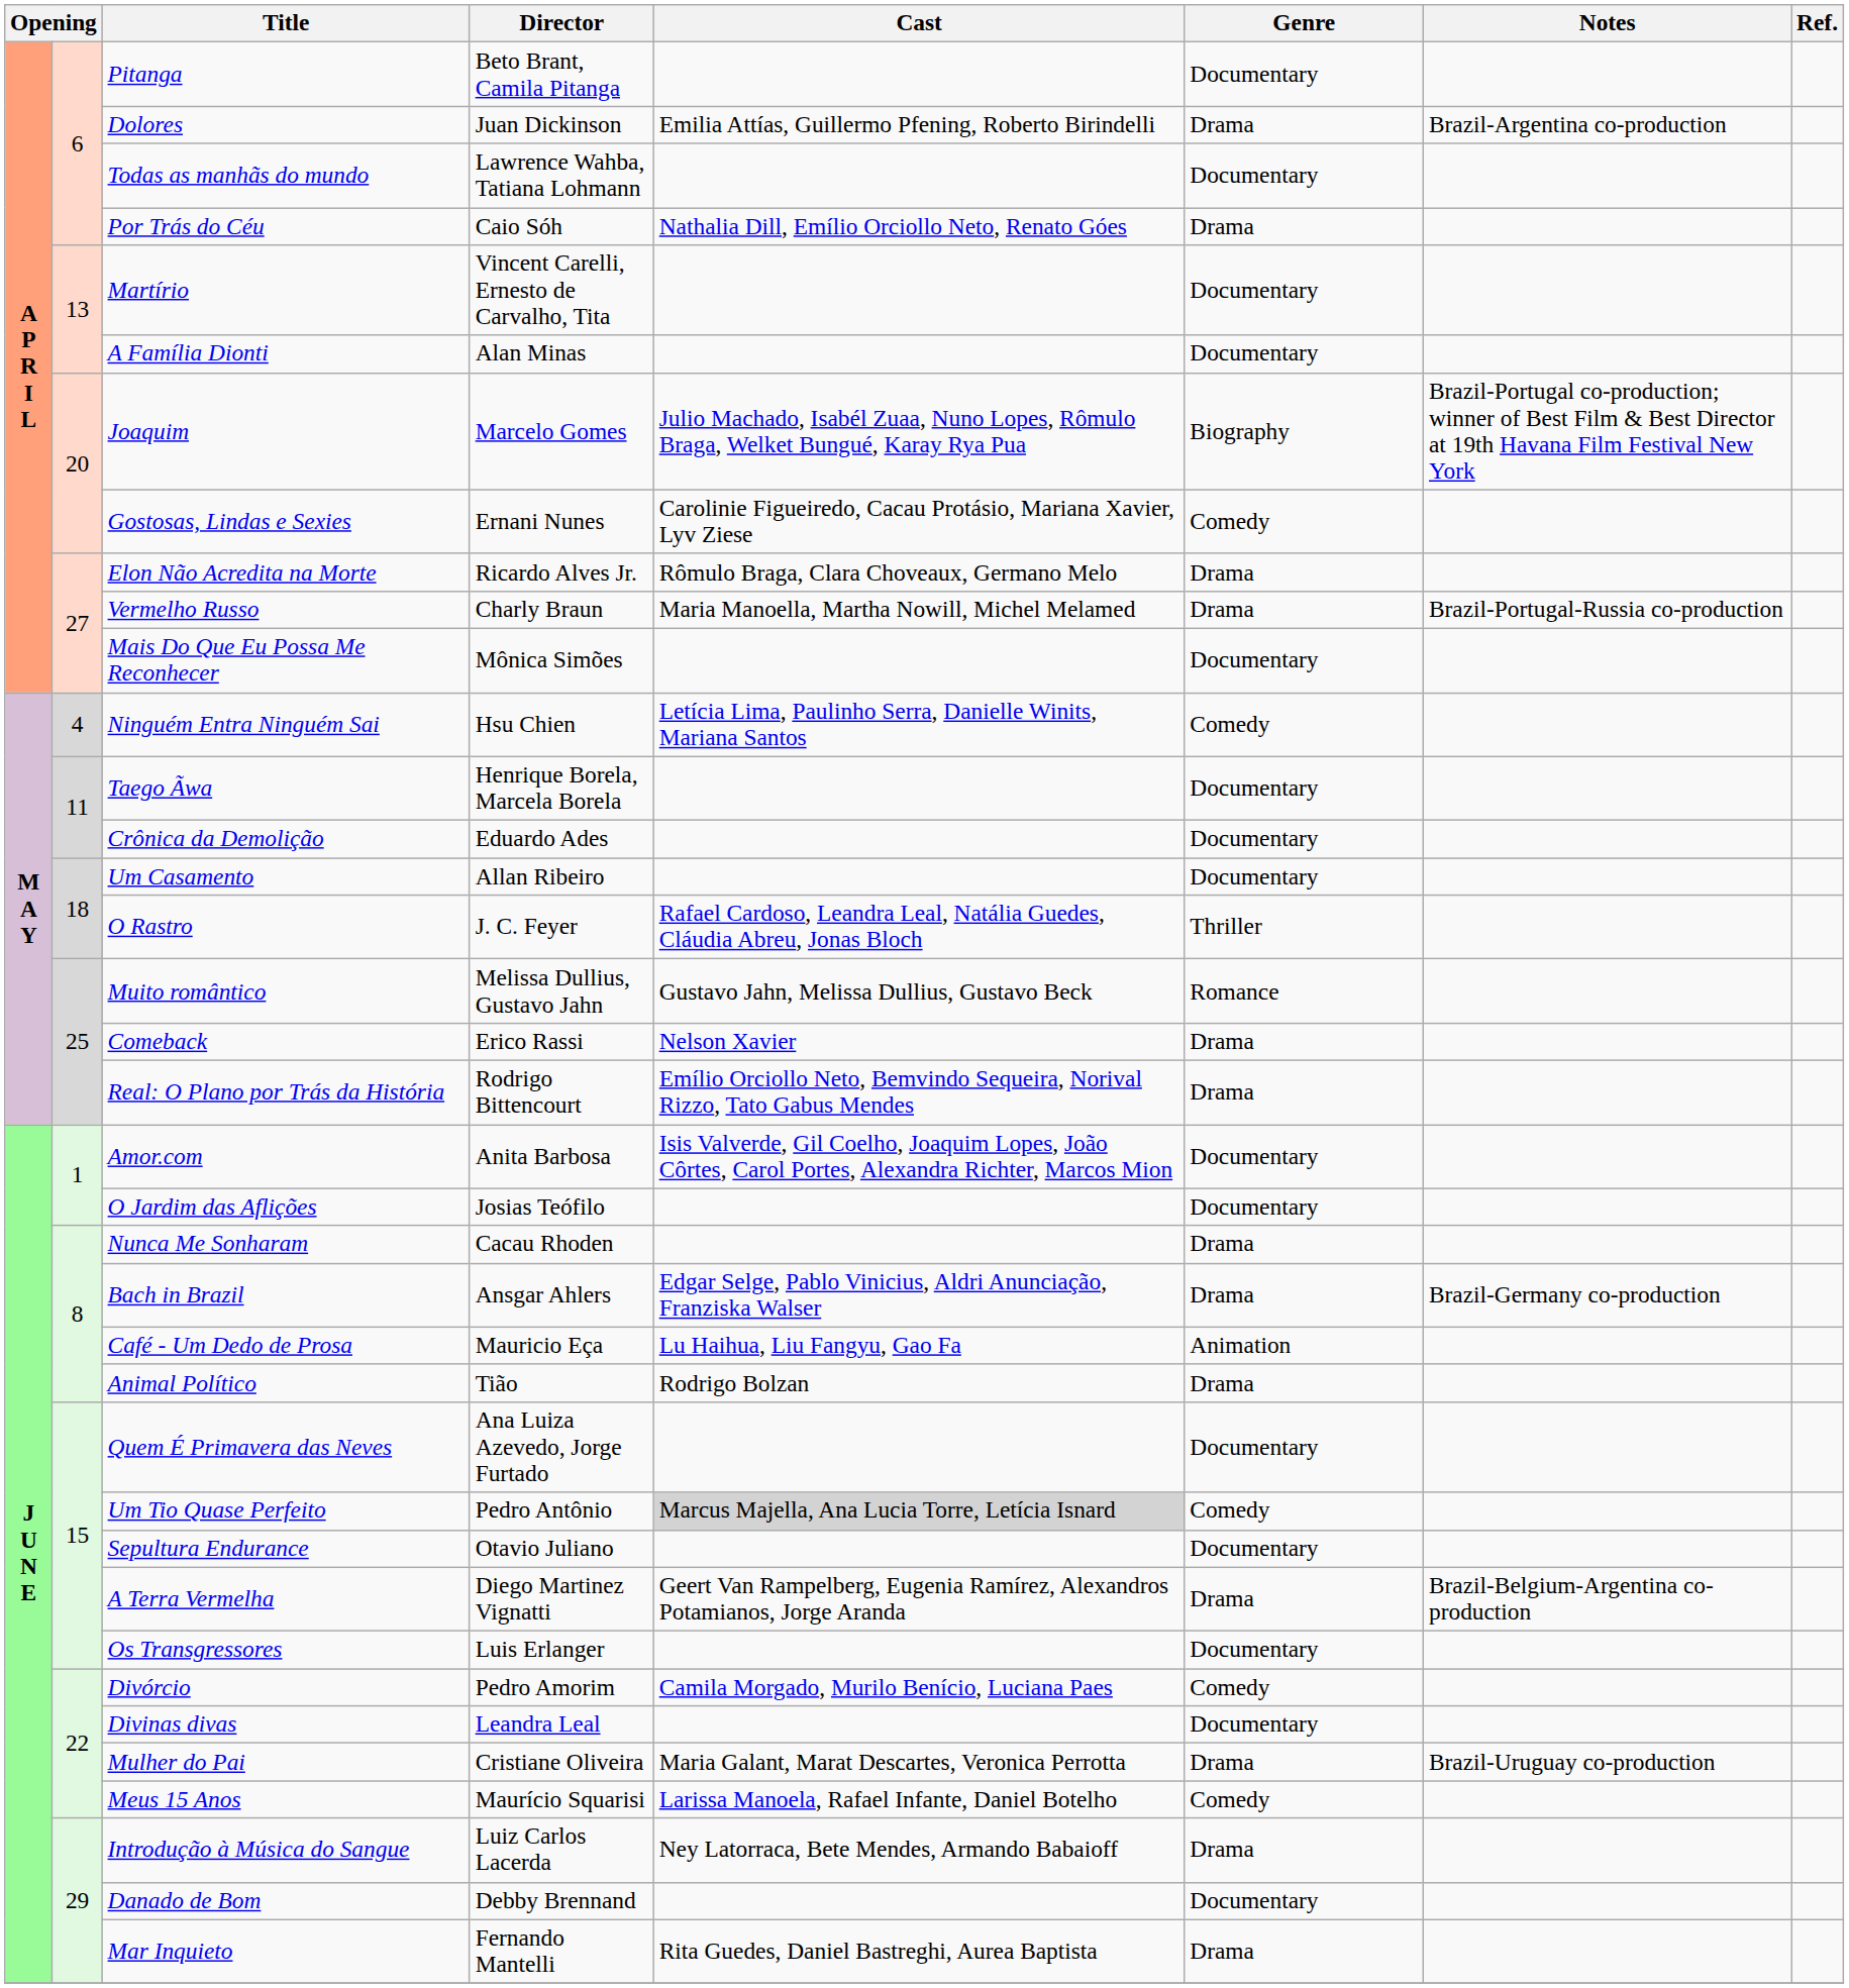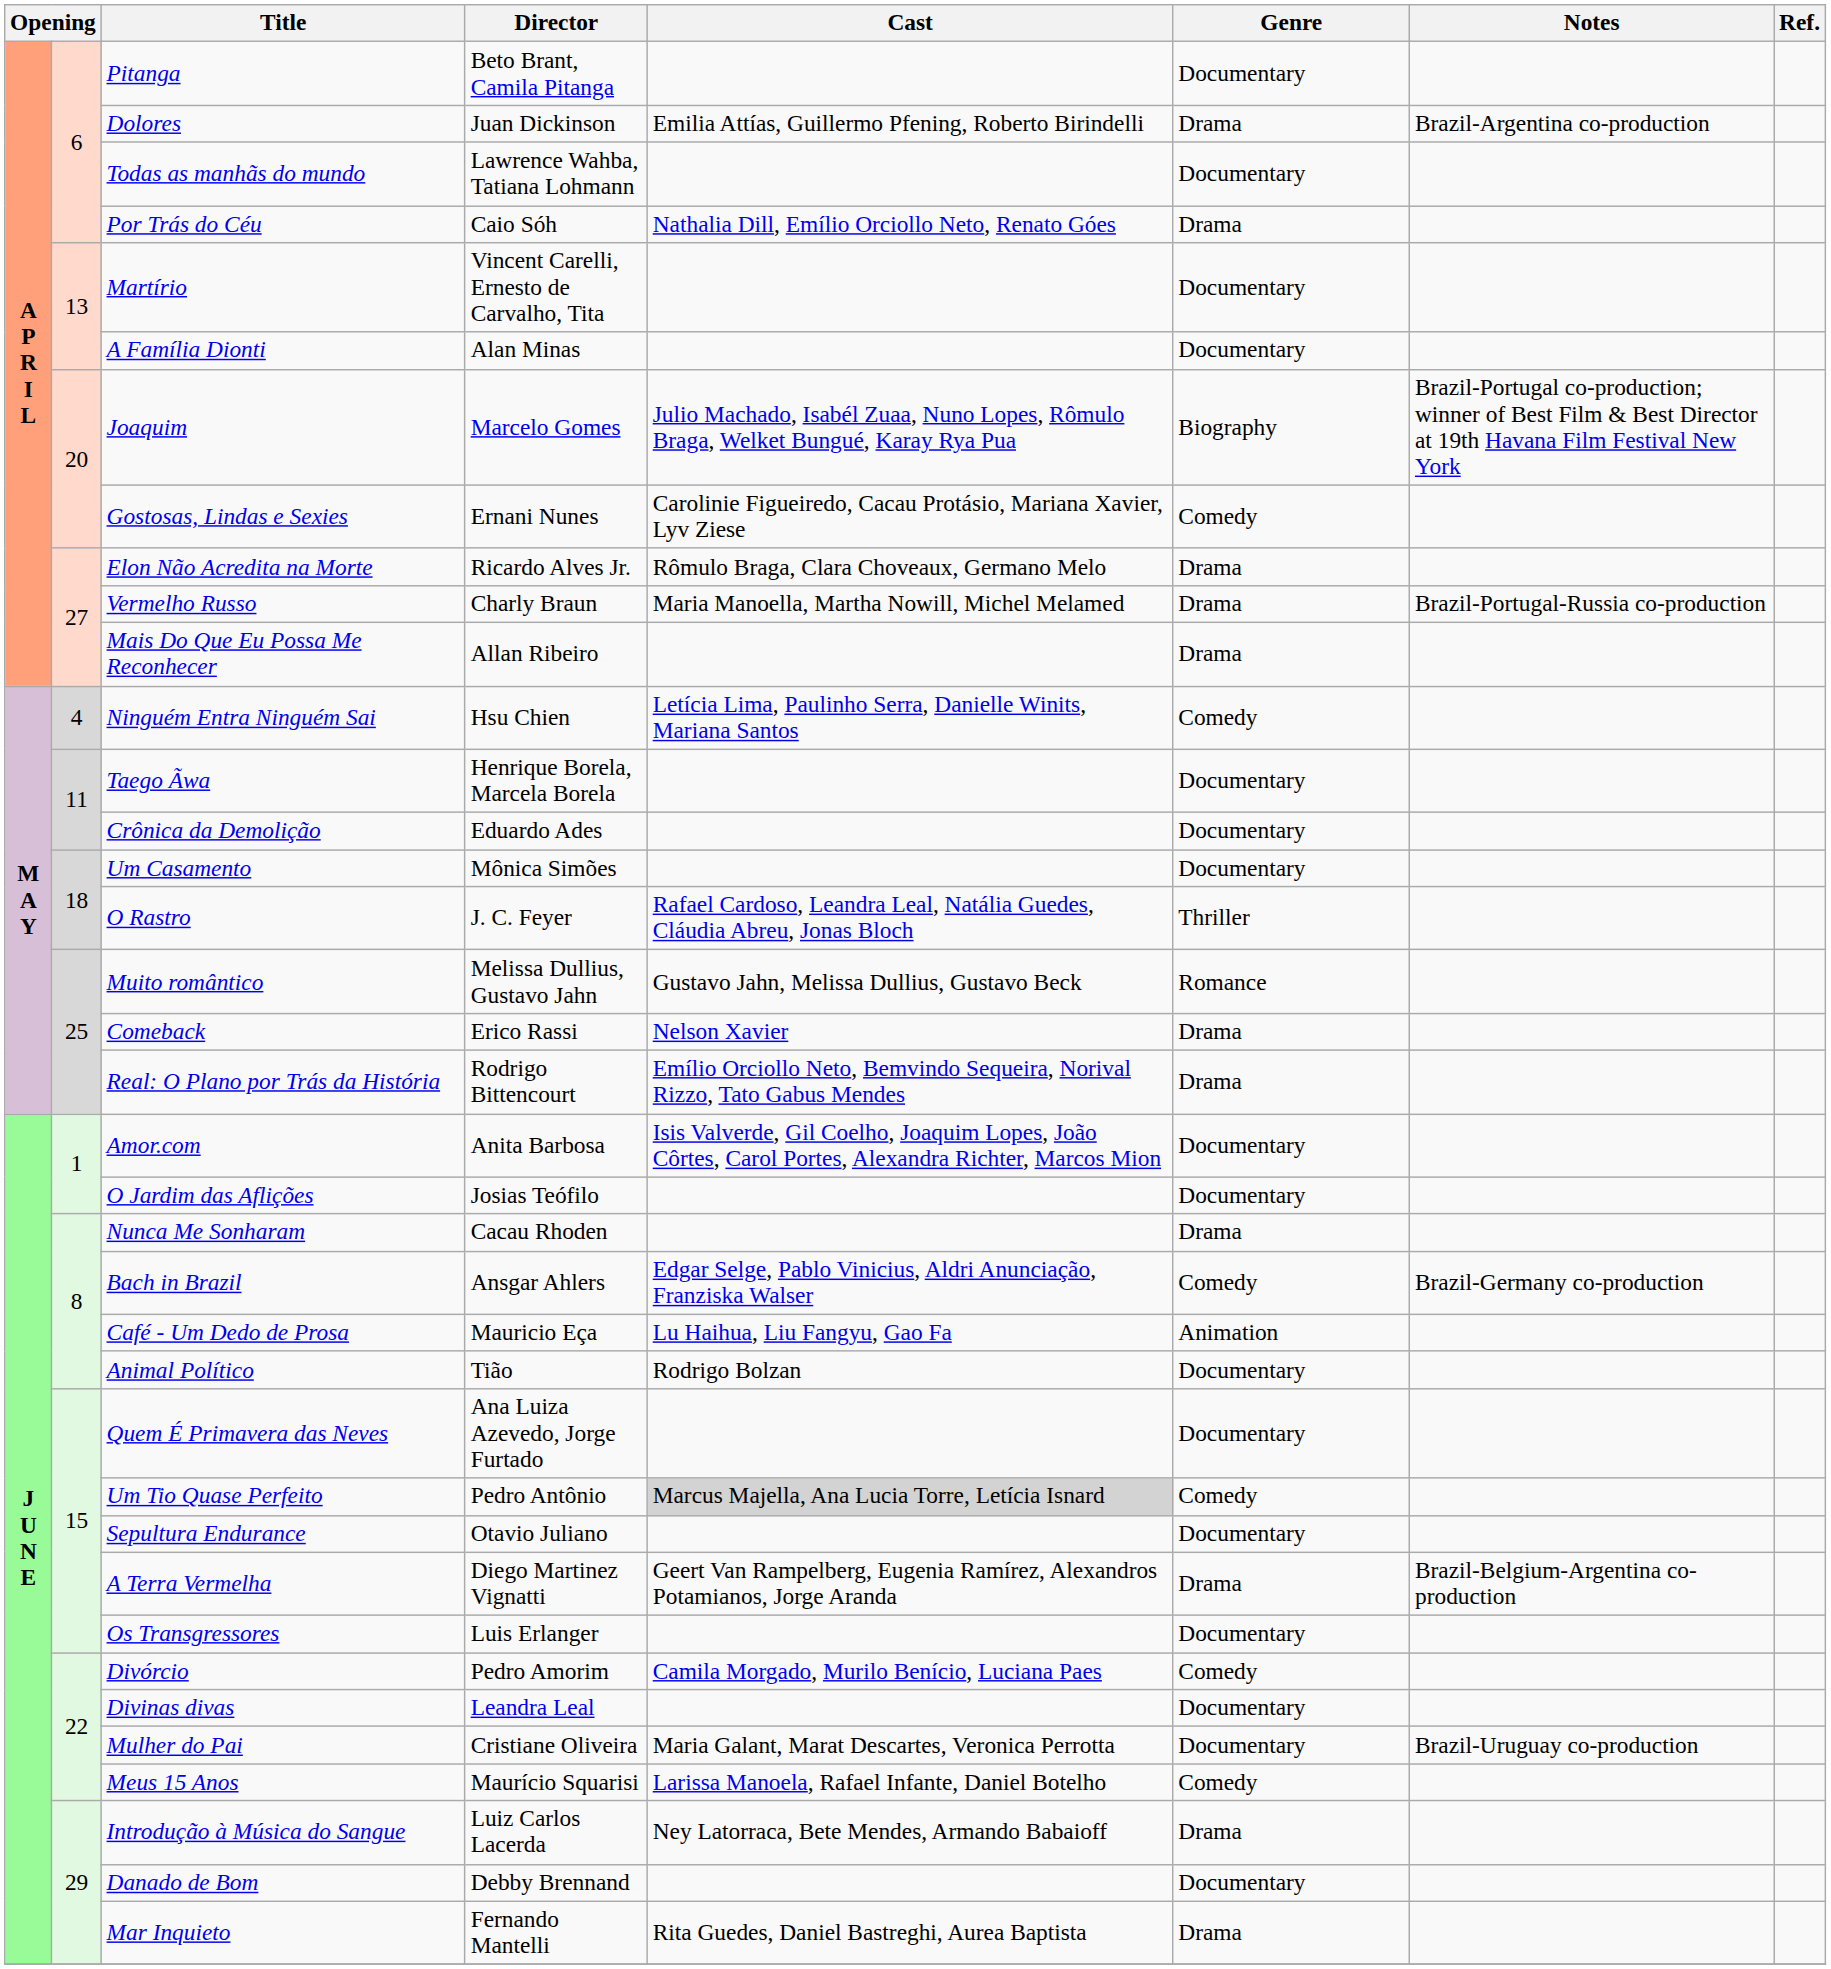 <table class="wikitable">
 <tr>
 <th colspan="2">Opening</th>
 <th style="width:20%;">Title</th>
 <th style="width:10%;">Director</th>
 <th>Cast</th>
 <th style="width:13%">Genre</th>
 <th style="width:20%">Notes</th>
 <th>Ref.</th>
 </tr>
 <tr>
 <th rowspan=11 style="text-align:center; background:#ffa07a; textcolor:#000;">A<br>P<br>R<br>I<br>L</th>
 <td rowspan=4 style="text-align:center; background:#ffdacc; textcolor:#000;">6</td>
 <td><em><a href='#'>Pitanga</a></em></td>
 <td>Beto Brant, <a href='#'>Camila Pitanga</a></td>
 <td></td>
 <td>Documentary</td>
 <td></td>
 <td></td>
 </tr>
 <tr>
 <td><em><a href='#'>Dolores</a></em></td>
 <td>Juan Dickinson</td>
 <td>Emilia Attías, Guillermo Pfening, Roberto Birindelli</td>
 <td>Drama</td>
 <td>Brazil-Argentina co-production</td>
 <td></td>
 </tr>
 <tr>
 <td><em><a href='#'>Todas as manhãs do mundo</a></em></td>
 <td>Lawrence Wahba, Tatiana Lohmann</td>
 <td></td>
 <td>Documentary</td>
 <td></td>
 <td></td>
 </tr>
 <tr>
 <td><em><a href='#'>Por Trás do Céu</a></em></td>
 <td>Caio Sóh</td>
 <td><a href='#'>Nathalia Dill</a>, <a href='#'>Emílio Orciollo Neto</a>, <a href='#'>Renato Góes</a></td>
 <td>Drama</td>
 <td></td>
 <td></td>
 </tr>
 <tr>
 <td rowspan=2 style="text-align:center; background:#ffdacc; textcolor:#000;">13</td>
 <td><em><a href='#'>Martírio</a></em></td>
 <td>Vincent Carelli, Ernesto de Carvalho, Tita</td>
 <td></td>
 <td>Documentary</td>
 <td></td>
 <td></td>
 </tr>
 <tr>
 <td><em><a href='#'>A Família Dionti</a></em></td>
 <td>Alan Minas</td>
 <td></td>
 <td>Documentary</td>
 <td></td>
 <td></td>
 </tr>
 <tr>
 <td rowspan=2 style="text-align:center; background:#ffdacc; textcolor:#000;">20</td>
 <td><em><a href='#'>Joaquim</a></em></td>
 <td><a href='#'>Marcelo Gomes</a></td>
 <td><a href='#'>Julio Machado</a>, <a href='#'>Isabél Zuaa</a>, <a href='#'>Nuno Lopes</a>, <a href='#'>Rômulo Braga</a>, <a href='#'>Welket Bungué</a>, <a href='#'>Karay Rya Pua</a></td>
 <td>Biography</td>
 <td>Brazil-Portugal co-production; winner of Best Film & Best Director at 19th <a href='#'>Havana Film Festival New York</a></td>
 <td></td>
 </tr>
 <tr>
 <td><em><a href='#'>Gostosas, Lindas e Sexies</a></em></td>
 <td>Ernani Nunes</td>
 <td>Carolinie Figueiredo, Cacau Protásio, Mariana Xavier, Lyv Ziese</td>
 <td>Comedy</td>
 <td></td>
 <td></td>
 </tr>
 <tr>
 <td rowspan=3 style="text-align:center; background:#ffdacc; textcolor:#000;">27</td>
 <td><em><a href='#'>Elon Não Acredita na Morte</a></em></td>
 <td>Ricardo Alves Jr.</td>
 <td>Rômulo Braga, Clara Choveaux, Germano Melo</td>
 <td>Drama</td>
 <td></td>
 <td></td>
 </tr>
 <tr>
 <td><em><a href='#'>Vermelho Russo</a></em></td>
 <td>Charly Braun</td>
 <td>Maria Manoella, Martha Nowill, Michel Melamed</td>
 <td>Drama</td>
 <td>Brazil-Portugal-Russia co-production</td>
 <td></td>
 </tr>
 <tr>
 <td><em><a href='#'>Mais Do Que Eu Possa Me Reconhecer</a></em></td>
-<td>Mônica Simões</td>
+<td>Allan Ribeiro</td>
 <td></td>
-<td>Documentary</td>
+<td>Drama</td>
 <td></td>
 <td></td>
 </tr>
 <tr>
 <td rowspan=8 style="text-align:center; background:thistle; textcolor:#000;"><strong>M<br>A<br>Y</strong></td>
 <td rowspan=1 style="text-align:center; background:#d8d8d8; textcolor:#000;">4</td>
 <td><em><a href='#'>Ninguém Entra Ninguém Sai</a></em></td>
 <td>Hsu Chien</td>
 <td><a href='#'>Letícia Lima</a>, <a href='#'>Paulinho Serra</a>, <a href='#'>Danielle Winits</a>, <a href='#'>Mariana Santos</a></td>
 <td>Comedy</td>
 <td></td>
 <td></td>
 </tr>
 <tr>
 <td rowspan=2 style="text-align:center; background:#d8d8d8; textcolor:#000;">11</td>
 <td><em><a href='#'>Taego Ãwa</a></em></td>
 <td>Henrique Borela, Marcela Borela</td>
 <td></td>
 <td>Documentary</td>
 <td></td>
 <td></td>
 </tr>
 <tr>
 <td><em><a href='#'>Crônica da Demolição</a></em></td>
 <td>Eduardo Ades</td>
 <td></td>
 <td>Documentary</td>
 <td></td>
 <td></td>
 </tr>
 <tr>
 <td rowspan=2 style="text-align:center; background:#d8d8d8; textcolor:#000;">18</td>
 <td><em><a href='#'>Um Casamento</a></em></td>
-<td>Allan Ribeiro</td>
+<td>Mônica Simões</td>
 <td></td>
 <td>Documentary</td>
 <td></td>
 <td></td>
 </tr>
 <tr>
 <td><em><a href='#'>O Rastro</a></em></td>
 <td>J. C. Feyer</td>
 <td><a href='#'>Rafael Cardoso</a>, <a href='#'>Leandra Leal</a>, <a href='#'>Natália Guedes</a>, <a href='#'>Cláudia Abreu</a>, <a href='#'>Jonas Bloch</a></td>
 <td>Thriller</td>
 <td></td>
 <td></td>
 </tr>
 <tr>
 <td rowspan=3 style="text-align:center; background:#d8d8d8; textcolor:#000;">25</td>
 <td><em><a href='#'>Muito romântico</a></em></td>
 <td>Melissa Dullius, Gustavo Jahn</td>
 <td>Gustavo Jahn, Melissa Dullius, Gustavo Beck</td>
 <td>Romance</td>
 <td></td>
 <td></td>
 </tr>
 <tr>
 <td><em><a href='#'>Comeback</a></em></td>
 <td>Erico Rassi</td>
 <td><a href='#'>Nelson Xavier</a></td>
 <td>Drama</td>
 <td></td>
 <td></td>
 </tr>
 <tr>
 <td><em><a href='#'>Real: O Plano por Trás da História</a></em></td>
 <td>Rodrigo Bittencourt</td>
 <td><a href='#'>Emílio Orciollo Neto</a>, <a href='#'>Bemvindo Sequeira</a>, <a href='#'>Norival Rizzo</a>, <a href='#'>Tato Gabus Mendes</a></td>
 <td>Drama</td>
 <td></td>
 <td></td>
 </tr>
 <tr>
 <td rowspan=18 style="text-align:center; background:#98fb98; textcolor:#000;"><strong>J<br>U<br>N<br>E</strong></td>
 <td rowspan=2 style="text-align:center; background:#e0f9e0;">1</td>
 <td><em><a href='#'>Amor.com</a></em></td>
 <td>Anita Barbosa</td>
 <td><a href='#'>Isis Valverde</a>, <a href='#'>Gil Coelho</a>, <a href='#'>Joaquim Lopes</a>, <a href='#'>João Côrtes</a>, <a href='#'>Carol Portes</a>, <a href='#'>Alexandra Richter</a>, <a href='#'>Marcos Mion</a></td>
 <td>Documentary</td>
 <td></td>
 <td></td>
 </tr>
 <tr>
 <td><em><a href='#'>O Jardim das Aflições</a></em></td>
 <td>Josias Teófilo</td>
 <td></td>
 <td>Documentary</td>
 <td></td>
 <td></td>
 </tr>
 <tr>
 <td rowspan=4 style="text-align:center; background:#e0f9e0;">8</td>
 <td><em><a href='#'>Nunca Me Sonharam</a></em></td>
 <td>Cacau Rhoden</td>
 <td></td>
 <td>Drama</td>
 <td></td>
 <td></td>
 </tr>
 <tr>
 <td><em><a href='#'>Bach in Brazil</a></em></td>
 <td>Ansgar Ahlers</td>
 <td><a href='#'>Edgar Selge</a>, <a href='#'>Pablo Vinicius</a>, <a href='#'>Aldri Anunciação</a>, <a href='#'>Franziska Walser</a></td>
-<td>Drama</td>
+<td>Comedy</td>
 <td>Brazil-Germany co-production</td>
 <td></td>
 </tr>
 <tr>
 <td><em><a href='#'>Café - Um Dedo de Prosa</a></em></td>
 <td>Mauricio Eça</td>
 <td><a href='#'>Lu Haihua</a>, <a href='#'>Liu Fangyu</a>, <a href='#'>Gao Fa</a></td>
 <td>Animation</td>
 <td></td>
 <td></td>
 </tr>
 <tr>
 <td><em><a href='#'>Animal Político</a></em></td>
 <td>Tião</td>
 <td>Rodrigo Bolzan</td>
-<td>Drama</td>
+<td>Documentary</td>
 <td></td>
 <td></td>
 </tr>
 <tr>
 <td rowspan=5 style="text-align:center; background:#e0f9e0;">15</td>
 <td><em><a href='#'>Quem É Primavera das Neves</a></em></td>
 <td>Ana Luiza Azevedo, Jorge Furtado</td>
 <td></td>
 <td>Documentary</td>
 <td></td>
 <td></td>
 </tr>
 <tr>
 <td><em><a href='#'>Um Tio Quase Perfeito</a></em></td>
 <td>Pedro Antônio</td>
 <td style="background: lightgrey;">Marcus Majella, Ana Lucia Torre, Letícia Isnard</td>
 <td>Comedy</td>
 <td></td>
 <td></td>
 </tr>
 <tr>
 <td><em><a href='#'>Sepultura Endurance</a></em></td>
 <td>Otavio Juliano</td>
 <td></td>
 <td>Documentary</td>
 <td></td>
 <td></td>
 </tr>
 <tr>
 <td><em><a href='#'>A Terra Vermelha</a></em></td>
 <td>Diego Martinez Vignatti</td>
 <td>Geert Van Rampelberg, Eugenia Ramírez, Alexandros Potamianos, Jorge Aranda</td>
 <td>Drama</td>
 <td>Brazil-Belgium-Argentina co-production</td>
 <td></td>
 </tr>
 <tr>
 <td><em><a href='#'>Os Transgressores</a></em></td>
 <td>Luis Erlanger</td>
 <td></td>
 <td>Documentary</td>
 <td></td>
 <td></td>
 </tr>
 <tr>
 <td rowspan=4 style="text-align:center; background:#e0f9e0;">22</td>
 <td><em><a href='#'>Divórcio</a></em></td>
 <td>Pedro Amorim</td>
 <td><a href='#'>Camila Morgado</a>, <a href='#'>Murilo Benício</a>, <a href='#'>Luciana Paes</a></td>
 <td>Comedy</td>
 <td></td>
 <td></td>
 </tr>
 <tr>
 <td><em><a href='#'>Divinas divas</a></em></td>
 <td><a href='#'>Leandra Leal</a></td>
 <td></td>
 <td>Documentary</td>
 <td></td>
 <td></td>
 </tr>
 <tr>
 <td><em><a href='#'>Mulher do Pai</a></em></td>
 <td>Cristiane Oliveira</td>
 <td>Maria Galant, Marat Descartes, Veronica Perrotta</td>
-<td>Drama</td>
+<td>Documentary</td>
 <td>Brazil-Uruguay co-production</td>
 <td></td>
 </tr>
 <tr>
 <td><em><a href='#'>Meus 15 Anos</a></em></td>
 <td>Maurício Squarisi</td>
 <td><a href='#'>Larissa Manoela</a>, Rafael Infante, Daniel Botelho</td>
 <td>Comedy</td>
 <td></td>
 <td></td>
 </tr>
 <tr>
 <td rowspan=3 style="text-align:center; background:#e0f9e0;">29</td>
 <td><em><a href='#'>Introdução à Música do Sangue</a></em></td>
 <td>Luiz Carlos Lacerda</td>
 <td>Ney Latorraca, Bete Mendes, Armando Babaioff</td>
 <td>Drama</td>
 <td></td>
 <td></td>
 </tr>
 <tr>
 <td><em><a href='#'>Danado de Bom</a></em></td>
 <td>Debby Brennand</td>
 <td></td>
 <td>Documentary</td>
 <td></td>
 <td></td>
 </tr>
 <tr>
 <td><em><a href='#'>Mar Inquieto</a></em></td>
 <td>Fernando Mantelli</td>
 <td>Rita Guedes, Daniel Bastreghi, Aurea Baptista</td>
 <td>Drama</td>
 <td></td>
 <td></td>
 </tr>
 <tr>
 </tr>
 </table>
